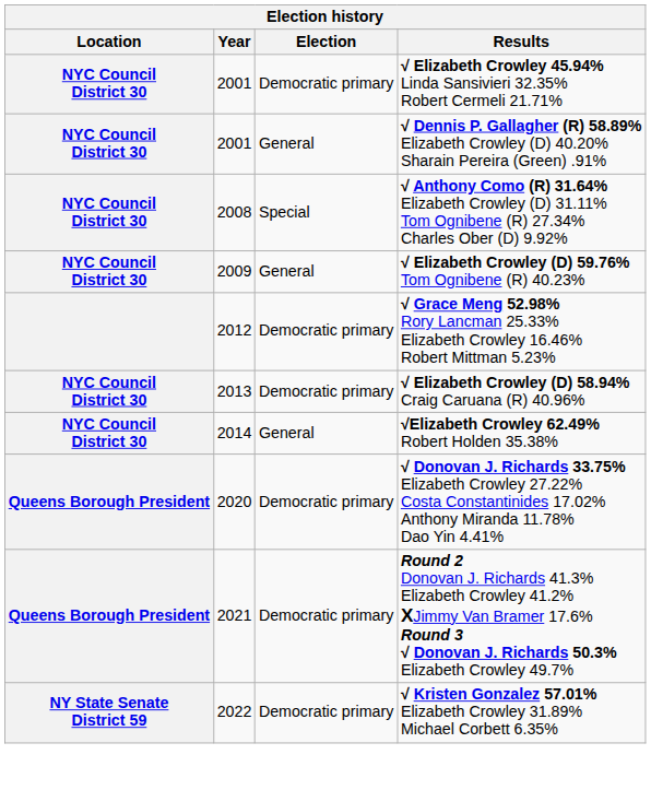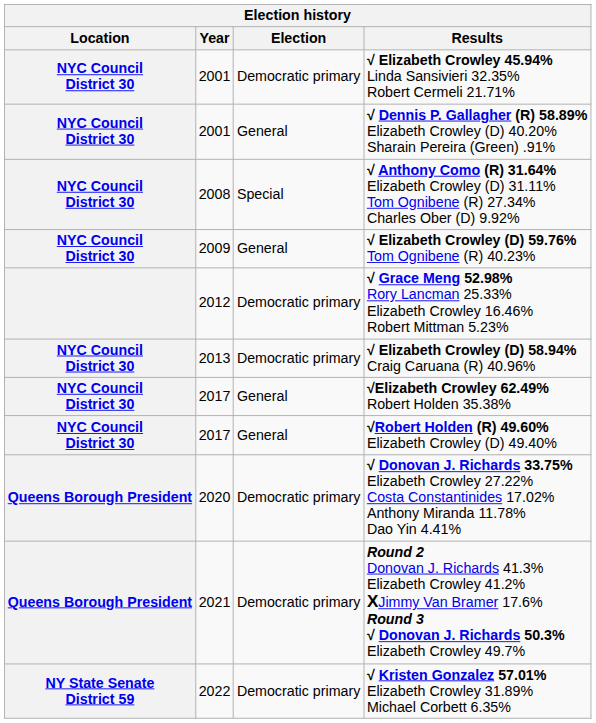 <table class="wikitable collapsible">
 <tr valign=bottom>
 <th colspan=4>Election history</th>
 </tr>
 <tr valign=bottom>
 <th>Location</th>
 <th>Year</th>
 <th>Election</th>
 <th>Results</th>
 </tr>
 <tr>
 <th><a href='#'>NYC Council<br>District 30</a></th>
 <td>2001</td>
 <td>Democratic primary</td>
 <td><strong>√ Elizabeth Crowley 45.94%</strong><br>Linda Sansivieri 32.35%<br>Robert Cermeli 21.71%</td>
 </tr>
 <tr>
 <th><a href='#'>NYC Council<br>District 30</a></th>
 <td>2001</td>
 <td>General</td>
 <td><strong>√ <a href='#'>Dennis P. Gallagher</a> (R) 58.89%</strong><br>Elizabeth Crowley (D) 40.20%<br>Sharain Pereira (Green) .91%</td>
 </tr>
 <tr>
 <th><a href='#'>NYC Council<br>District 30</a></th>
 <td>2008</td>
 <td>Special</td>
 <td><strong>√ <a href='#'>Anthony Como</a> (R) 31.64%</strong><br>Elizabeth Crowley (D) 31.11%<br><a href='#'>Tom Ognibene</a> (R) 27.34%<br>Charles Ober (D) 9.92%</td>
 </tr>
 <tr>
 <th><a href='#'>NYC Council<br>District 30</a></th>
 <td>2009</td>
 <td>General</td>
 <td><strong>√ Elizabeth Crowley (D) 59.76%</strong><br><a href='#'>Tom Ognibene</a> (R) 40.23%</td>
 </tr>
 <tr>
 <th></th>
 <td>2012</td>
 <td>Democratic primary</td>
 <td><strong>√ <a href='#'>Grace Meng</a> 52.98%</strong><br><a href='#'>Rory Lancman</a> 25.33%<br>Elizabeth Crowley 16.46%<br>Robert Mittman 5.23%</td>
 </tr>
 <tr>
 <th><a href='#'>NYC Council<br>District 30</a></th>
 <td>2013</td>
 <td>Democratic primary</td>
 <td><strong>√ Elizabeth Crowley (D) 58.94%</strong><br>Craig Caruana (R) 40.96%</td>
 </tr>
 <tr>
 <th><a href='#'>NYC Council<br>District 30</a></th>
-<td>2014</td>
+<td>2017</td>
 <td>General</td>
 <td><strong>√Elizabeth Crowley 62.49%</strong><br>Robert Holden 35.38%</td>
+</tr>
+<tr>
+<th><a href='#'>NYC Council<br>District 30</a></th>
+<td>2017</td>
+<td>General</td>
+<td><strong>√<a href='#'>Robert Holden</a> (R)  49.60% </strong> <br>Elizabeth Crowley (D) 49.40%</td>
 </tr>
 <tr>
 <th><a href='#'>Queens Borough President</a></th>
 <td>2020</td>
 <td>Democratic primary</td>
 <td><strong>√ <a href='#'>Donovan J. Richards</a> 33.75%</strong><br>Elizabeth Crowley 27.22%<br><a href='#'>Costa Constantinides</a> 17.02%<br>Anthony Miranda 11.78%<br>Dao Yin 4.41%</td>
 </tr>
 <tr>
 <th><a href='#'>Queens Borough President</a></th>
 <td>2021</td>
 <td>Democratic primary</td>
 <td><strong><em>Round 2</em></strong><br><a href='#'>Donovan J. Richards</a> 41.3%<br>Elizabeth Crowley 41.2%<br><strong><big>X</big></strong><a href='#'>Jimmy Van Bramer</a> 17.6%<br><strong><em>Round 3</em></strong><br><strong>√ <a href='#'>Donovan J. Richards</a> 50.3%</strong><br>Elizabeth Crowley 49.7%</td>
 </tr>
 <tr>
 <th><a href='#'>NY State Senate<br>District 59</a></th>
 <td>2022</td>
 <td>Democratic primary</td>
 <td><strong>√ <a href='#'>Kristen Gonzalez</a> 57.01%</strong><br>Elizabeth Crowley 31.89%<br> Michael Corbett 6.35%</td>
 </tr>
 </table>
